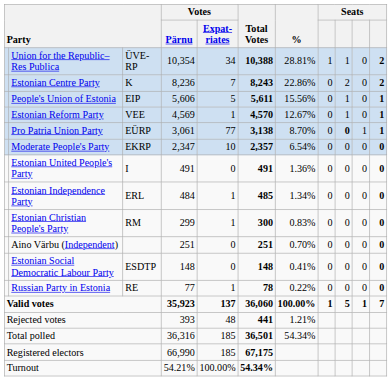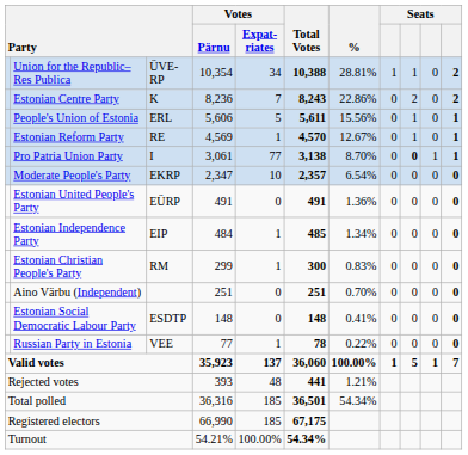 <table class="wikitable" border="1" style="text-align:right;">
 <tr>
 <th style="text-align:left;" valign=bottom rowspan=2 colspan=3>Party</th>
 <th colspan=2>Votes</th>
 <th align=center valign=bottom rowspan=2 width="50">Total Votes</th>
 <th align=center valign=bottom rowspan=2 width="50">%</th>
 <th colspan=4>Seats</th>
 </tr>
 <tr>
 <th align=center valign=bottom width="50"><a href='#'>Pärnu</a></th>
 <th align=center valign=bottom width="50"><a href='#'>Expat- riates</a></th>
 <th align=center valign=bottom width="20"><small></small></th>
 <th align=center valign=bottom width="20"><small></small></th>
 <th align=center valign=bottom width="20"><small></small></th>
 <th align=center valign=bottom width="20"><small></small></th>
 </tr>
 <tr style="background:#CEE0F2;">
 <td style="background:"></td>
 <td align=left><a href='#'>Union for the Republic–Res Publica</a></td>
 <td align=left>ÜVE-RP</td>
 <td>10,354</td>
 <td>34</td>
 <td><strong>10,388</strong></td>
 <td>28.81%</td>
 <td>1</td>
 <td>1</td>
 <td>0</td>
 <td><strong>2</strong></td>
 </tr>
 <tr style="background:#CEE0F2;">
 <td style="background:"></td>
 <td align=left><a href='#'>Estonian Centre Party</a></td>
 <td align=left>K</td>
 <td>8,236</td>
 <td>7</td>
 <td><strong>8,243</strong></td>
 <td>22.86%</td>
 <td>0</td>
 <td>2</td>
 <td>0</td>
 <td><strong>2</strong></td>
 </tr>
 <tr style="background:#CEE0F2;">
 <td style="background:"></td>
 <td align=left><a href='#'>People's Union of Estonia</a></td>
-<td align=left>EIP</td>
+<td align=left>ERL</td>
 <td>5,606</td>
 <td>5</td>
 <td><strong>5,611</strong></td>
 <td>15.56%</td>
 <td>0</td>
 <td>1</td>
 <td>0</td>
 <td><strong>1</strong></td>
 </tr>
 <tr style="background:#CEE0F2;">
 <td style="background:"></td>
 <td align=left><a href='#'>Estonian Reform Party</a></td>
-<td align=left>VEE</td>
+<td align=left>RE</td>
 <td>4,569</td>
 <td>1</td>
 <td><strong>4,570</strong></td>
 <td>12.67%</td>
 <td>0</td>
 <td>1</td>
 <td>0</td>
 <td><strong>1</strong></td>
 </tr>
 <tr style="background:#CEE0F2;">
 <td style="background:"></td>
 <td align=left><a href='#'>Pro Patria Union Party</a></td>
-<td align=left>EÜRP</td>
+<td align=left>I</td>
 <td>3,061</td>
 <td>77</td>
 <td><strong>3,138</strong></td>
 <td>8.70%</td>
 <td>0</td>
 <td><strong>0</strong></td>
 <td>1</td>
 <td><strong>1</strong></td>
 </tr>
 <tr style="background:#CEE0F2;">
 <td style="background:"></td>
 <td align=left><a href='#'>Moderate People's Party</a></td>
 <td align=left>EKRP</td>
 <td>2,347</td>
 <td>10</td>
 <td><strong>2,357</strong></td>
 <td>6.54%</td>
 <td>0</td>
 <td>0</td>
 <td>0</td>
 <td><strong>0</strong></td>
 </tr>
 <tr>
 <td style="background:"></td>
 <td align=left><a href='#'>Estonian United People's Party</a></td>
-<td align=left>I</td>
+<td align=left>EÜRP</td>
 <td>491</td>
 <td>0</td>
 <td><strong>491</strong></td>
 <td>1.36%</td>
 <td>0</td>
 <td>0</td>
 <td>0</td>
 <td><strong>0</strong></td>
 </tr>
 <tr>
 <td style="background:"></td>
 <td align=left><a href='#'>Estonian Independence Party</a></td>
-<td align=left>ERL</td>
+<td align=left>EIP</td>
 <td>484</td>
 <td>1</td>
 <td><strong>485</strong></td>
 <td>1.34%</td>
 <td>0</td>
 <td>0</td>
 <td>0</td>
 <td><strong>0</strong></td>
 </tr>
 <tr>
 <td style="background:"></td>
 <td align=left><a href='#'>Estonian Christian People's Party</a></td>
 <td align=left>RM</td>
 <td>299</td>
 <td>1</td>
 <td><strong>300</strong></td>
 <td>0.83%</td>
 <td>0</td>
 <td>0</td>
 <td>0</td>
 <td><strong>0</strong></td>
 </tr>
 <tr>
 <td style="background:"></td>
 <td align=left>Aino Värbu (<a href='#'>Independent</a>)</td>
 <td></td>
 <td>251</td>
 <td>0</td>
 <td><strong>251</strong></td>
 <td>0.70%</td>
 <td>0</td>
 <td>0</td>
 <td>0</td>
 <td><strong>0</strong></td>
 </tr>
 <tr>
 <td style="background:"></td>
 <td align=left><a href='#'>Estonian Social Democratic Labour Party</a></td>
 <td align=left>ESDTP</td>
 <td>148</td>
 <td>0</td>
 <td><strong>148</strong></td>
 <td>0.41%</td>
 <td>0</td>
 <td>0</td>
 <td>0</td>
 <td><strong>0</strong></td>
 </tr>
 <tr>
 <td></td>
 <td align=left><a href='#'>Russian Party in Estonia</a></td>
-<td align=left>RE</td>
+<td align=left>VEE</td>
 <td>77</td>
 <td>1</td>
 <td><strong>78</strong></td>
 <td>0.22%</td>
 <td>0</td>
 <td>0</td>
 <td>0</td>
 <td><strong>0</strong></td>
 </tr>
 <tr style="font-weight:bold">
 <td align=left colspan=3>Valid votes</td>
 <td>35,923</td>
 <td>137</td>
 <td>36,060</td>
 <td>100.00%</td>
 <td>1</td>
 <td>5</td>
 <td>1</td>
 <td>7</td>
 </tr>
 <tr>
 <td align=left colspan=3>Rejected votes</td>
 <td>393</td>
 <td>48</td>
 <td><strong>441</strong></td>
 <td>1.21%</td>
 <td></td>
 <td></td>
 <td></td>
 <td></td>
 </tr>
 <tr>
 <td align=left colspan=3>Total polled</td>
 <td>36,316</td>
 <td>185</td>
 <td><strong>36,501</strong></td>
 <td>54.34%</td>
 <td></td>
 <td></td>
 <td></td>
 <td></td>
 </tr>
 <tr>
 <td align=left colspan=3>Registered electors</td>
 <td>66,990</td>
 <td>185</td>
 <td><strong>67,175</strong></td>
 <td></td>
 <td></td>
 <td></td>
 <td></td>
 <td></td>
 </tr>
 <tr>
 <td align=left colspan=3>Turnout</td>
 <td>54.21%</td>
 <td>100.00%</td>
 <td><strong>54.34%</strong></td>
 <td></td>
 <td></td>
 <td></td>
 <td></td>
 <td></td>
 </tr>
 </table>
